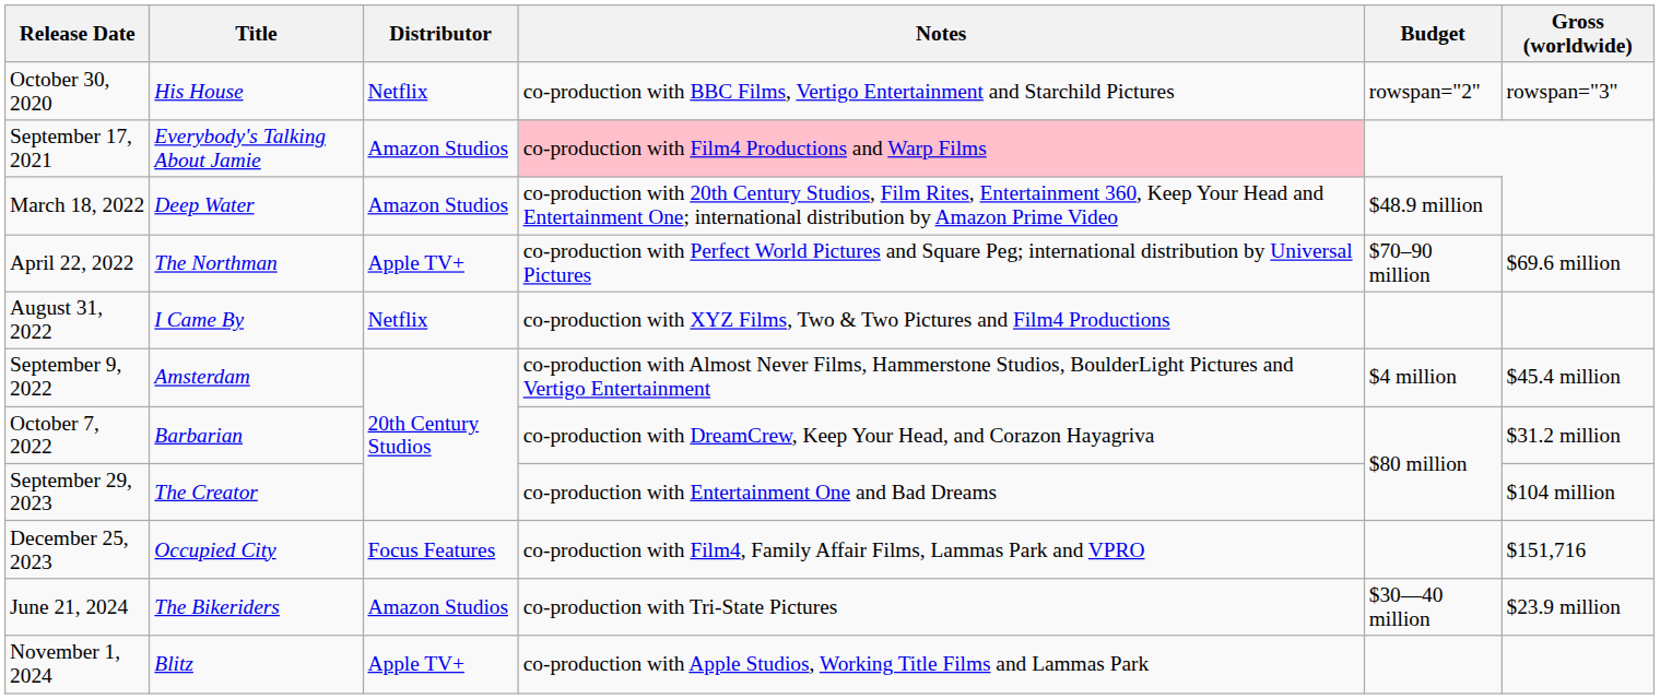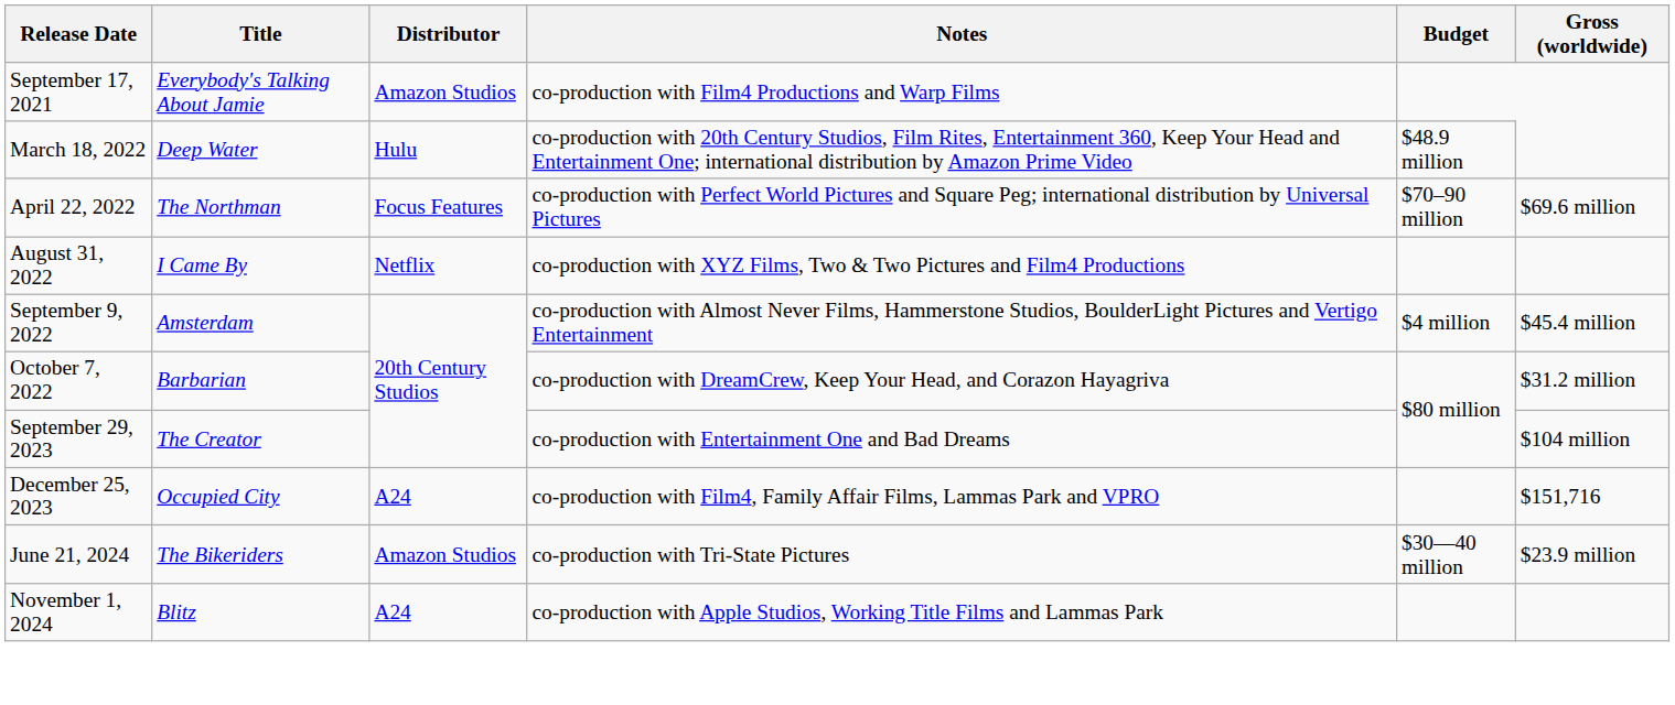 <table class="wikitable sortable">
 <tr>
 <th>Release Date</th>
 <th>Title</th>
 <th>Distributor</th>
 <th>Notes</th>
 <th>Budget</th>
 <th>Gross (worldwide)</th>
 </tr>
 <tr>
-<td>October 30, 2020</td>
-<td><em><a href='#'>His House</a></em></td>
-<td><a href='#'>Netflix</a></td>
-<td>co-production with <a href='#'>BBC Films</a>, <a href='#'>Vertigo Entertainment</a> and Starchild Pictures</td>
-<td>rowspan="2" </td>
-<td>rowspan="3" </td>
-</tr>
-<tr>
 <td>September 17, 2021</td>
 <td><em><a href='#'>Everybody's Talking About Jamie</a></em></td>
 <td><a href='#'>Amazon Studios</a></td>
-<td style="background: pink;">co-production with <a href='#'>Film4 Productions</a> and <a href='#'>Warp Films</a></td>
+<td>co-production with <a href='#'>Film4 Productions</a> and <a href='#'>Warp Films</a></td>
 </tr>
 <tr>
 <td>March 18, 2022</td>
 <td><em><a href='#'>Deep Water</a></em></td>
-<td><a href='#'>Amazon Studios</a></td>
+<td><a href='#'>Hulu</a></td>
 <td>co-production with <a href='#'>20th Century Studios</a>, <a href='#'>Film Rites</a>, <a href='#'>Entertainment 360</a>, Keep Your Head and <a href='#'>Entertainment One</a>; international distribution by <a href='#'>Amazon Prime Video</a></td>
 <td>$48.9 million</td>
 </tr>
 <tr>
 <td>April 22, 2022</td>
 <td><em><a href='#'>The Northman</a></em></td>
-<td><a href='#'>Apple TV+</a></td>
+<td><a href='#'>Focus Features</a></td>
 <td>co-production with <a href='#'>Perfect World Pictures</a> and Square Peg; international distribution by <a href='#'>Universal Pictures</a></td>
 <td>$70–90 million</td>
 <td>$69.6 million</td>
 </tr>
 <tr>
 <td>August 31, 2022</td>
 <td><em><a href='#'>I Came By</a></em></td>
 <td><a href='#'>Netflix</a></td>
 <td>co-production with <a href='#'>XYZ Films</a>, Two & Two Pictures and <a href='#'>Film4 Productions</a></td>
 <td></td>
 <td></td>
 </tr>
 <tr>
 <td>September 9, 2022</td>
 <td><em><a href='#'>Amsterdam</a></em></td>
 <td rowspan="3"><a href='#'>20th Century Studios</a></td>
 <td>co-production with Almost Never Films, Hammerstone Studios, BoulderLight Pictures and <a href='#'>Vertigo Entertainment</a></td>
 <td>$4 million</td>
 <td>$45.4 million</td>
 </tr>
 <tr>
 <td>October 7, 2022</td>
 <td><em><a href='#'>Barbarian</a></em></td>
 <td>co-production with <a href='#'>DreamCrew</a>, Keep Your Head, and Corazon Hayagriva</td>
 <td rowspan="2">$80 million</td>
 <td>$31.2 million</td>
 </tr>
 <tr>
 <td>September 29, 2023</td>
 <td><em><a href='#'>The Creator</a></em></td>
 <td>co-production with <a href='#'>Entertainment One</a> and Bad Dreams</td>
 <td>$104 million</td>
 </tr>
 <tr>
 <td>December 25, 2023</td>
 <td><em><a href='#'>Occupied City</a></em></td>
-<td><a href='#'>Focus Features</a></td>
+<td><a href='#'>A24</a></td>
 <td>co-production with <a href='#'>Film4</a>, Family Affair Films, Lammas Park and <a href='#'>VPRO</a></td>
 <td></td>
 <td>$151,716</td>
 </tr>
 <tr>
 <td>June 21, 2024</td>
 <td><em><a href='#'>The Bikeriders</a></em></td>
 <td><a href='#'>Amazon Studios</a></td>
 <td>co-production with Tri-State Pictures</td>
 <td>$30—40 million</td>
 <td>$23.9 million</td>
 </tr>
 <tr>
 <td>November 1, 2024</td>
 <td><em><a href='#'>Blitz</a></em></td>
-<td><a href='#'>Apple TV+</a></td>
+<td><a href='#'>A24</a></td>
 <td>co-production with <a href='#'>Apple Studios</a>, <a href='#'>Working Title Films</a> and Lammas Park</td>
 <td></td>
 <td></td>
 </tr>
 </table>
